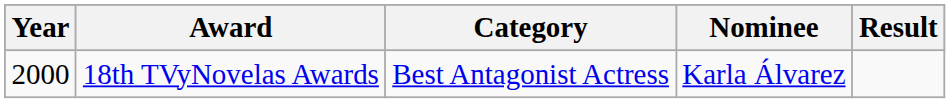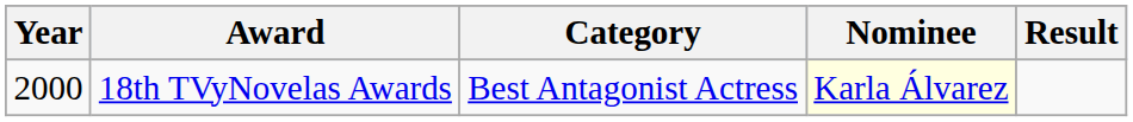 <table class="wikitable">
 <tr style="background:#b0c4de;">
 <th>Year</th>
 <th>Award</th>
 <th>Category</th>
 <th>Nominee</th>
 <th>Result</th>
 </tr>
 <tr>
 <td rowspan=2>2000</td>
 <td><a href='#'>18th TVyNovelas Awards</a></td>
 <td><a href='#'>Best Antagonist Actress</a></td>
-<td><a href='#'>Karla Álvarez</a></td>
+<td style="background: lightyellow;"><a href='#'>Karla Álvarez</a></td>
 <td></td>
 </tr>
 </table>
